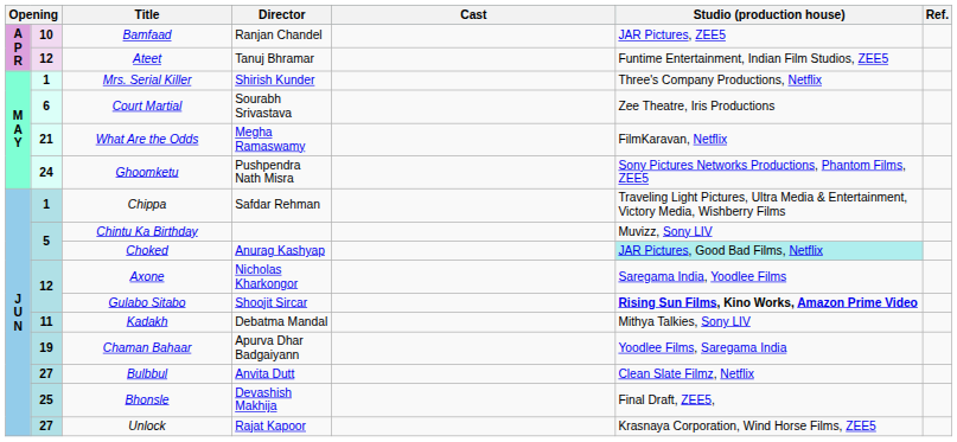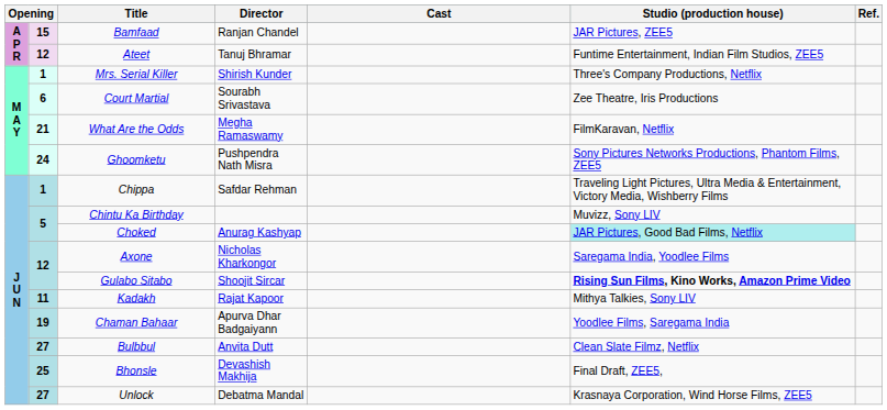 <table class="wikitable">
 <tr style="background:#b0e0e6; text-align:center;">
 <th colspan="2" style="width:6%;"><strong>Opening</strong></th>
 <th style="width:18%;"><strong>Title</strong></th>
 <th style="width:10.5%;"><strong>Director</strong></th>
 <th style="width:30%;"><strong>Cast</strong></th>
 <th>Studio (production house)</th>
 <th>Ref.</th>
 </tr>
 <tr April!>
 <td rowspan="2" style="text-align:center; background:plum;"><strong>A<br>P<br>R</strong></td>
-<td style="text-align:center;background:#f1daf1;"><strong>10</strong></td>
+<td style="text-align:center;background:#f1daf1;"><strong>15</strong></td>
 <td style="text-align:center;"><em><a href='#'>Bamfaad</a></em></td>
 <td>Ranjan Chandel</td>
 <td></td>
 <td><a href='#'>JAR Pictures</a>, <a href='#'>ZEE5</a></td>
 <td></td>
 </tr>
 <tr>
 <td style="text-align:center;background:#f1daf1;"><strong>12</strong></td>
 <td style="text-align:center;"><em><a href='#'>Ateet</a></em></td>
 <td>Tanuj Bhramar</td>
 <td></td>
 <td>Funtime Entertainment, Indian Film Studios, <a href='#'>ZEE5</a></td>
 <td></td>
 </tr>
 <tr>
 <td rowspan="4" style="text-align:center; background:#7FFFD4; textcolor:#000;"><strong>M<br>A<br>Y</strong></td>
 <td style="text-align:center; background:#dbfff8;"><strong>1</strong></td>
 <td style="text-align:center;"><em><a href='#'>Mrs. Serial Killer</a></em></td>
 <td><a href='#'>Shirish Kunder</a></td>
 <td></td>
 <td>Three's Company Productions, <a href='#'>Netflix</a></td>
 <td></td>
 </tr>
 <tr>
 <td style="text-align:center;background:#dbfff8;"><strong>6</strong></td>
 <td style="text-align:center;"><em><a href='#'>Court Martial</a></em></td>
 <td>Sourabh Srivastava</td>
 <td></td>
 <td>Zee Theatre, Iris Productions</td>
 <td></td>
 </tr>
 <tr>
 <td style="text-align:center; background:#dbfff8;"><strong>21</strong></td>
 <td style="text-align:center;"><em><a href='#'>What Are the Odds</a></em></td>
 <td><a href='#'>Megha Ramaswamy</a></td>
 <td></td>
 <td>FilmKaravan, <a href='#'>Netflix</a></td>
 <td></td>
 </tr>
 <tr>
 <td style="text-align:center; background:#dbfff8;"><strong>24</strong></td>
 <td style="text-align:center;"><em><a href='#'>Ghoomketu</a></em></td>
 <td>Pushpendra Nath Misra</td>
 <td></td>
 <td><a href='#'>Sony Pictures Networks Productions</a>, <a href='#'>Phantom Films</a>, <a href='#'>ZEE5</a></td>
 <td></td>
 </tr>
 <tr>
 <td rowspan="10" style="text-align:center; background:#93CCEA; textcolor:#000;"><strong>J<br>U<br>N</strong></td>
 <td style="text-align:center;background:#B0E0E6;"><strong>1</strong></td>
 <td style="text-align:center;"><em>Chippa</em></td>
 <td>Safdar Rehman</td>
 <td></td>
 <td>Traveling Light Pictures, Ultra Media & Entertainment, Victory Media, Wishberry Films</td>
 <td></td>
 </tr>
 <tr>
 <td rowspan="2" style="text-align:center;background:#B0E0E6;"><strong>5</strong></td>
 <td style="text-align:center;"><em><a href='#'>Chintu Ka Birthday</a></em></td>
 <td></td>
 <td></td>
 <td>Muvizz, <a href='#'>Sony LIV</a></td>
 <td></td>
 </tr>
 <tr>
 <td style="text-align:center;"><em><a href='#'>Choked</a></em></td>
 <td><a href='#'>Anurag Kashyap</a></td>
 <td></td>
 <td style="background: paleturquoise;"><a href='#'>JAR Pictures</a>, Good Bad Films, <a href='#'>Netflix</a></td>
 <td></td>
 </tr>
 <tr>
 <td rowspan="2" style="text-align:center;background:#B0E0E6;"><strong>12</strong></td>
 <td style="text-align:center;"><em><a href='#'>Axone</a></em></td>
 <td><a href='#'>Nicholas Kharkongor</a></td>
 <td></td>
 <td><a href='#'>Saregama India</a>, <a href='#'>Yoodlee Films</a></td>
 <td></td>
 </tr>
 <tr>
 <td style="text-align:center;"><em><a href='#'>Gulabo Sitabo</a></em></td>
 <td><a href='#'>Shoojit Sircar</a></td>
 <td></td>
 <td><strong><a href='#'>Rising Sun Films</a>, Kino Works, <a href='#'>Amazon Prime Video</a></strong></td>
 <td></td>
 </tr>
 <tr>
 <td style="text-align:center;background:#B0E0E6;"><strong>11</strong></td>
 <td style="text-align:center;"><em><a href='#'>Kadakh</a></em></td>
-<td>Debatma Mandal</td>
+<td><a href='#'>Rajat Kapoor</a></td>
 <td></td>
 <td>Mithya Talkies, <a href='#'>Sony LIV</a></td>
 <td></td>
 </tr>
 <tr>
 <td style="text-align:center;background:#B0E0E6;"><strong>19</strong></td>
 <td style="text-align:center;"><em><a href='#'>Chaman Bahaar</a></em></td>
 <td>Apurva Dhar Badgaiyann</td>
 <td></td>
 <td><a href='#'>Yoodlee Films</a>, <a href='#'>Saregama India</a></td>
 <td></td>
 </tr>
 <tr>
 <td style="text-align:center;background:#B0E0E6;"><strong>27</strong></td>
 <td style="text-align:center;"><em><a href='#'>Bulbbul</a></em></td>
 <td><a href='#'>Anvita Dutt</a></td>
 <td></td>
 <td><a href='#'>Clean Slate Filmz</a>, <a href='#'>Netflix</a></td>
 <td></td>
 </tr>
 <tr>
 <td style="text-align:center;background:#B0E0E6;"><strong>25</strong></td>
 <td style="text-align:center;"><em><a href='#'>Bhonsle</a></em></td>
 <td><a href='#'>Devashish Makhija</a></td>
 <td></td>
 <td>Final Draft, <a href='#'>ZEE5</a>,</td>
 <td></td>
 </tr>
 <tr>
 <td style="text-align:center;background:#B0E0E6;"><strong>27</strong></td>
 <td style="text-align:center;"><em>Unlock</em></td>
-<td><a href='#'>Rajat Kapoor</a></td>
+<td>Debatma Mandal</td>
 <td></td>
 <td>Krasnaya Corporation, Wind Horse Films, <a href='#'>ZEE5</a></td>
 <td></td>
 </tr>
 </table>
